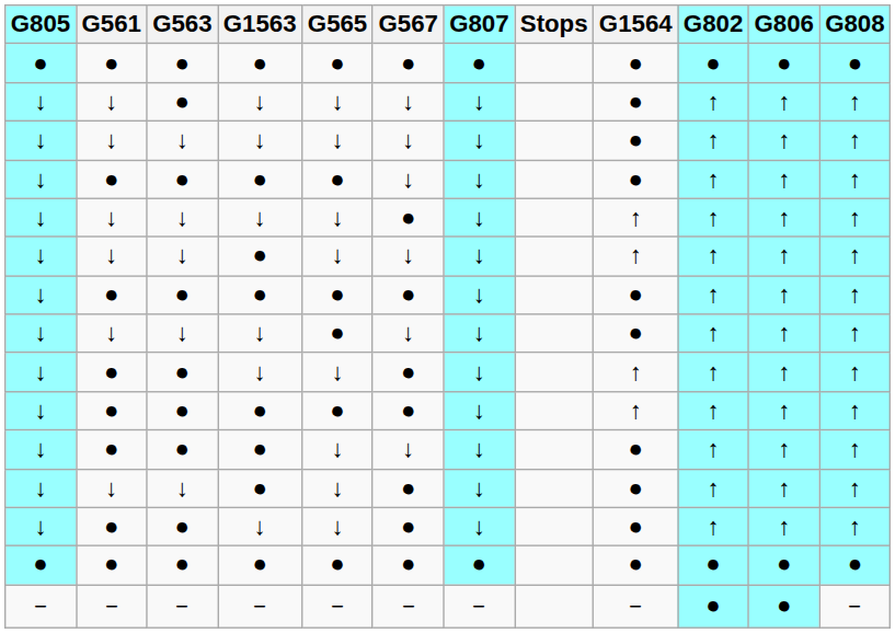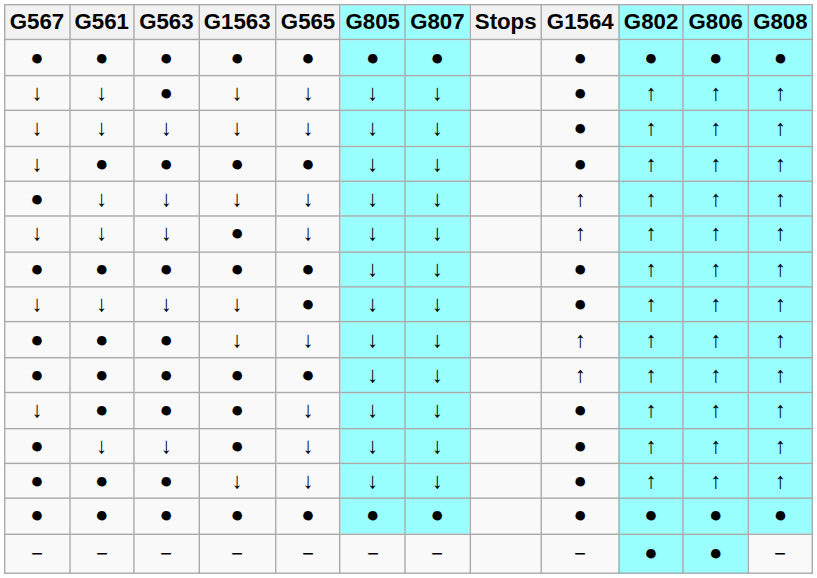 <table class="wikitable" style="text-align: center">
 <tr>
-<th style="background:#99FFFF">G805</th>
+<th>G567</th>
 <th>G561</th>
 <th>G563</th>
 <th>G1563</th>
 <th>G565</th>
-<th>G567</th>
+<th style="background:#99FFFF">G805</th>
 <th style="background:#99FFFF">G807</th>
 <th>Stops</th>
 <th>G1564</th>
 <th style="background:#99FFFF">G802</th>
 <th style="background:#99FFFF">G806</th>
 <th style="background:#99FFFF">G808</th>
 </tr>
 <tr>
-<td style="background:#99FFFF">●</td>
 <td>●</td>
 <td>●</td>
 <td>●</td>
 <td>●</td>
 <td>●</td>
+<td style="background:#99FFFF">●</td>
 <td style="background:#99FFFF">●</td>
 <td><strong></strong></td>
 <td>●</td>
 <td style="background:#99FFFF">●</td>
 <td style="background:#99FFFF">●</td>
 <td style="background:#99FFFF">●</td>
 </tr>
 <tr>
-<td style="background:#99FFFF">↓</td>
+<td>↓</td>
 <td>↓</td>
 <td>●</td>
 <td>↓</td>
 <td>↓</td>
-<td>↓</td>
+<td style="background:#99FFFF">↓</td>
 <td style="background:#99FFFF">↓</td>
 <td></td>
 <td>●</td>
 <td style="background:#99FFFF">↑</td>
 <td style="background:#99FFFF">↑</td>
 <td style="background:#99FFFF">↑</td>
 </tr>
 <tr>
-<td style="background:#99FFFF">↓</td>
 <td>↓</td>
 <td>↓</td>
 <td>↓</td>
 <td>↓</td>
 <td>↓</td>
+<td style="background:#99FFFF">↓</td>
 <td style="background:#99FFFF">↓</td>
 <td></td>
 <td>●</td>
 <td style="background:#99FFFF">↑</td>
 <td style="background:#99FFFF">↑</td>
 <td style="background:#99FFFF">↑</td>
 </tr>
 <tr>
-<td style="background:#99FFFF">↓</td>
+<td>↓</td>
 <td>●</td>
 <td>●</td>
 <td>●</td>
 <td>●</td>
-<td>↓</td>
+<td style="background:#99FFFF">↓</td>
 <td style="background:#99FFFF">↓</td>
 <td></td>
 <td>●</td>
 <td style="background:#99FFFF">↑</td>
 <td style="background:#99FFFF">↑</td>
 <td style="background:#99FFFF">↑</td>
 </tr>
 <tr>
-<td style="background:#99FFFF">↓</td>
+<td>●</td>
 <td>↓</td>
 <td>↓</td>
 <td>↓</td>
 <td>↓</td>
-<td>●</td>
+<td style="background:#99FFFF">↓</td>
 <td style="background:#99FFFF">↓</td>
 <td></td>
 <td>↑</td>
 <td style="background:#99FFFF">↑</td>
 <td style="background:#99FFFF">↑</td>
 <td style="background:#99FFFF">↑</td>
 </tr>
 <tr>
-<td style="background:#99FFFF">↓</td>
+<td>↓</td>
 <td>↓</td>
 <td>↓</td>
 <td>●</td>
 <td>↓</td>
-<td>↓</td>
+<td style="background:#99FFFF">↓</td>
 <td style="background:#99FFFF">↓</td>
 <td></td>
 <td>↑</td>
 <td style="background:#99FFFF">↑</td>
 <td style="background:#99FFFF">↑</td>
 <td style="background:#99FFFF">↑</td>
 </tr>
 <tr>
-<td style="background:#99FFFF">↓</td>
 <td>●</td>
 <td>●</td>
 <td>●</td>
 <td>●</td>
 <td>●</td>
+<td style="background:#99FFFF">↓</td>
 <td style="background:#99FFFF">↓</td>
 <td><strong></strong></td>
 <td>●</td>
 <td style="background:#99FFFF">↑</td>
 <td style="background:#99FFFF">↑</td>
 <td style="background:#99FFFF">↑</td>
 </tr>
 <tr>
-<td style="background:#99FFFF">↓</td>
+<td>↓</td>
 <td>↓</td>
 <td>↓</td>
 <td>↓</td>
 <td>●</td>
-<td>↓</td>
+<td style="background:#99FFFF">↓</td>
 <td style="background:#99FFFF">↓</td>
 <td></td>
 <td>●</td>
 <td style="background:#99FFFF">↑</td>
 <td style="background:#99FFFF">↑</td>
 <td style="background:#99FFFF">↑</td>
 </tr>
 <tr>
-<td style="background:#99FFFF">↓</td>
+<td>●</td>
 <td>●</td>
 <td>●</td>
 <td>↓</td>
 <td>↓</td>
-<td>●</td>
+<td style="background:#99FFFF">↓</td>
 <td style="background:#99FFFF">↓</td>
 <td></td>
 <td>↑</td>
 <td style="background:#99FFFF">↑</td>
 <td style="background:#99FFFF">↑</td>
 <td style="background:#99FFFF">↑</td>
 </tr>
 <tr>
-<td style="background:#99FFFF">↓</td>
 <td>●</td>
 <td>●</td>
 <td>●</td>
 <td>●</td>
 <td>●</td>
+<td style="background:#99FFFF">↓</td>
 <td style="background:#99FFFF">↓</td>
 <td></td>
 <td>↑</td>
 <td style="background:#99FFFF">↑</td>
 <td style="background:#99FFFF">↑</td>
 <td style="background:#99FFFF">↑</td>
 </tr>
 <tr>
-<td style="background:#99FFFF">↓</td>
+<td>↓</td>
 <td>●</td>
 <td>●</td>
 <td>●</td>
 <td>↓</td>
-<td>↓</td>
+<td style="background:#99FFFF">↓</td>
 <td style="background:#99FFFF">↓</td>
 <td></td>
 <td>●</td>
 <td style="background:#99FFFF">↑</td>
 <td style="background:#99FFFF">↑</td>
 <td style="background:#99FFFF">↑</td>
 </tr>
 <tr>
-<td style="background:#99FFFF">↓</td>
+<td>●</td>
 <td>↓</td>
 <td>↓</td>
 <td>●</td>
 <td>↓</td>
-<td>●</td>
+<td style="background:#99FFFF">↓</td>
 <td style="background:#99FFFF">↓</td>
 <td></td>
 <td>●</td>
 <td style="background:#99FFFF">↑</td>
 <td style="background:#99FFFF">↑</td>
 <td style="background:#99FFFF">↑</td>
 </tr>
 <tr>
-<td style="background:#99FFFF">↓</td>
+<td>●</td>
 <td>●</td>
 <td>●</td>
 <td>↓</td>
 <td>↓</td>
-<td>●</td>
+<td style="background:#99FFFF">↓</td>
 <td style="background:#99FFFF">↓</td>
 <td></td>
 <td>●</td>
 <td style="background:#99FFFF">↑</td>
 <td style="background:#99FFFF">↑</td>
 <td style="background:#99FFFF">↑</td>
 </tr>
 <tr>
-<td style="background:#99FFFF">●</td>
 <td>●</td>
 <td>●</td>
 <td>●</td>
 <td>●</td>
 <td>●</td>
+<td style="background:#99FFFF">●</td>
 <td style="background:#99FFFF">●</td>
 <td><strong></strong></td>
 <td>●</td>
 <td style="background:#99FFFF">●</td>
 <td style="background:#99FFFF">●</td>
 <td style="background:#99FFFF">●</td>
 </tr>
 <tr>
 <td>－</td>
 <td>－</td>
 <td>－</td>
 <td>－</td>
 <td>－</td>
 <td>－</td>
 <td>－</td>
 <td><strong></strong></td>
 <td>－</td>
 <td style="background:#99FFFF">●</td>
 <td style="background:#99FFFF">●</td>
 <td>－</td>
 </tr>
 </table>
